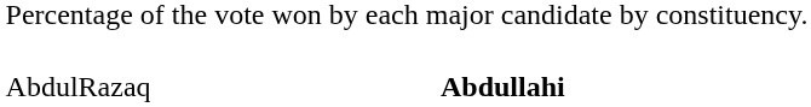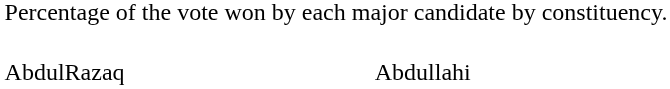 <table align=center>
 <tr>
 <td colspan=2>Percentage of the vote won by each major candidate by constituency.</td>
 </tr>
 <tr>
 <td><br>AbdulRazaq<br>  </td>
-<td><strong><br>Abdullahi<br> </strong></td>
+<td><br>Abdullahi<br> </td>
 </tr>
 </table>
